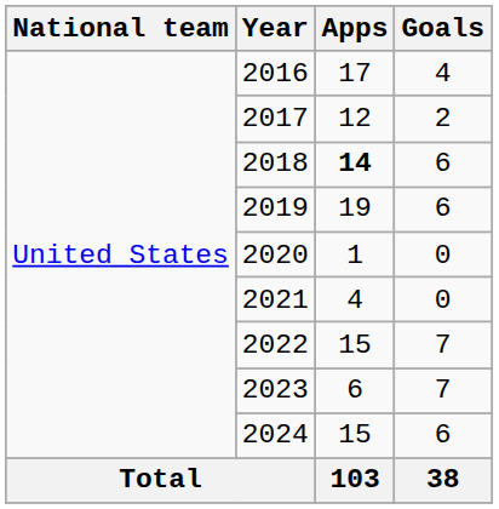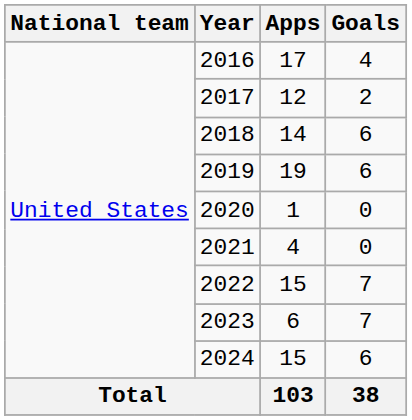 <table class="wikitable" style="text-align:center">
 <tr>
 <th>National team</th>
 <th>Year</th>
 <th>Apps</th>
 <th>Goals</th>
 </tr>
 <tr>
 <td rowspan="9"><a href='#'>United States</a></td>
 <td>2016</td>
 <td>17</td>
 <td>4</td>
 </tr>
 <tr>
 <td>2017</td>
 <td>12</td>
 <td>2</td>
 </tr>
 <tr>
 <td>2018</td>
-<td><strong>14</strong></td>
+<td>14</td>
 <td>6</td>
 </tr>
 <tr>
 <td>2019</td>
 <td>19</td>
 <td>6</td>
 </tr>
 <tr>
 <td>2020</td>
 <td>1</td>
 <td>0</td>
 </tr>
 <tr>
 <td>2021</td>
 <td>4</td>
 <td>0</td>
 </tr>
 <tr>
 <td>2022</td>
 <td>15</td>
 <td>7</td>
 </tr>
 <tr>
 <td>2023</td>
 <td>6</td>
 <td>7</td>
 </tr>
 <tr>
 <td>2024</td>
 <td>15</td>
 <td>6</td>
 </tr>
 <tr>
 <th colspan=2>Total</th>
 <th>103</th>
 <th>38</th>
 </tr>
 </table>
